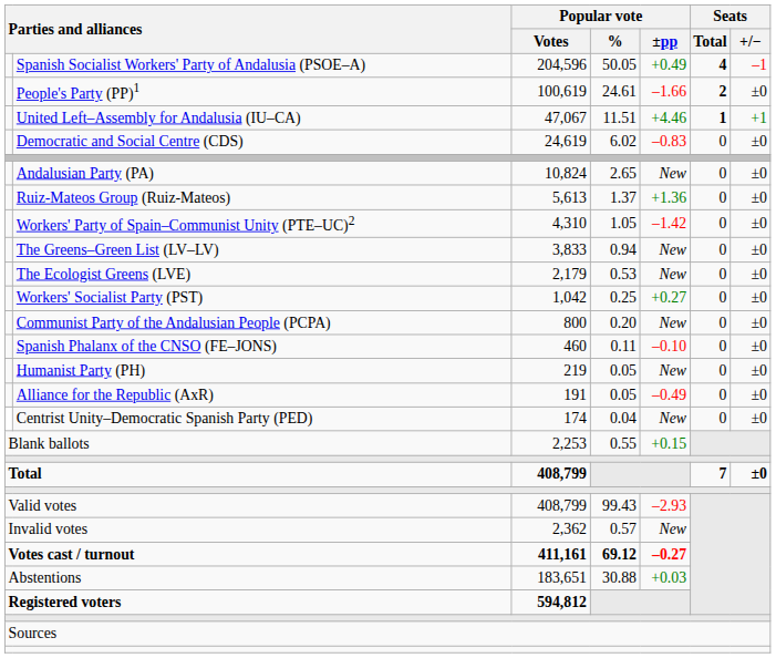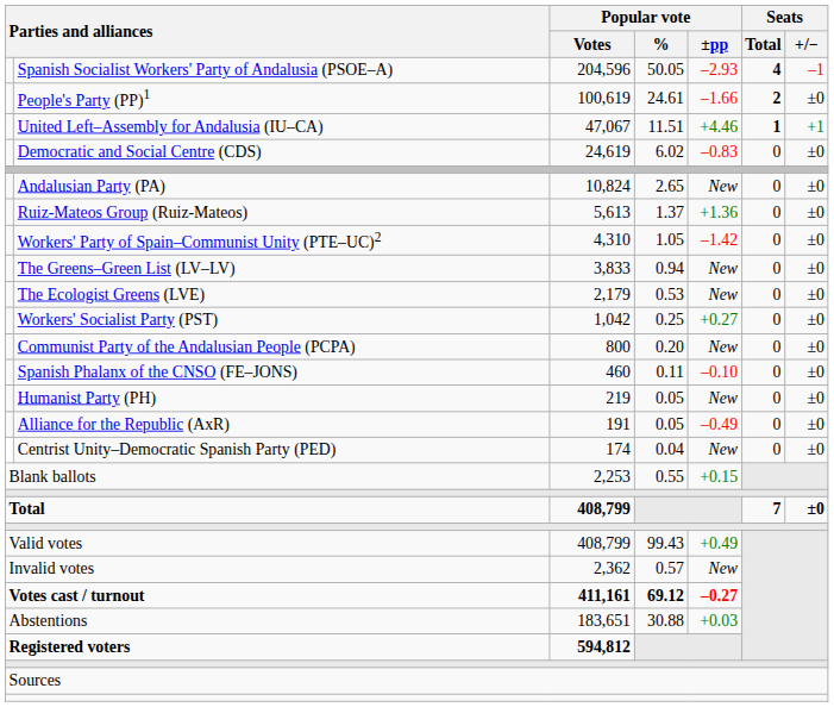 <table class="wikitable" style="text-align:right;">
 <tr>
 <th style="text-align:left;" rowspan="2" colspan="2" width="525">Parties and alliances</th>
 <th colspan="3">Popular vote</th>
 <th colspan="2">Seats</th>
 </tr>
 <tr>
 <th width="75">Votes</th>
 <th width="45">%</th>
 <th width="45">±<a href='#'>pp</a></th>
 <th width="35">Total</th>
 <th width="35">+/−</th>
 </tr>
 <tr>
 <td width="1" style="color:inherit;background:"></td>
 <td align="left"><a href='#'>Spanish Socialist Workers' Party of Andalusia</a> (PSOE–A)</td>
 <td>204,596</td>
 <td>50.05</td>
-<td style="color:green;">+0.49</td>
+<td style="color:red;">–2.93</td>
 <td><strong>4</strong></td>
 <td style="color:red;">–1</td>
 </tr>
 <tr>
 <td style="color:inherit;background:"></td>
 <td align="left"><a href='#'>People's Party</a> (PP)<sup>1</sup></td>
 <td>100,619</td>
 <td>24.61</td>
 <td style="color:red;">–1.66</td>
 <td><strong>2</strong></td>
 <td>±0</td>
 </tr>
 <tr>
 <td style="color:inherit;background:"></td>
 <td align="left"><a href='#'>United Left–Assembly for Andalusia</a> (IU–CA)</td>
 <td>47,067</td>
 <td>11.51</td>
 <td style="color:green;">+4.46</td>
 <td><strong>1</strong></td>
 <td style="color:green;">+1</td>
 </tr>
 <tr>
 <td style="color:inherit;background:"></td>
 <td align="left"><a href='#'>Democratic and Social Centre</a> (CDS)</td>
 <td>24,619</td>
 <td>6.02</td>
 <td style="color:red;">–0.83</td>
 <td>0</td>
 <td>±0</td>
 </tr>
 <tr>
 <td colspan="7" bgcolor="#C0C0C0"></td>
 </tr>
 <tr>
 <td style="color:inherit;background:"></td>
 <td align="left"><a href='#'>Andalusian Party</a> (PA)</td>
 <td>10,824</td>
 <td>2.65</td>
 <td><em>New</em></td>
 <td>0</td>
 <td>±0</td>
 </tr>
 <tr>
 <td style="color:inherit;background:"></td>
 <td align="left"><a href='#'>Ruiz-Mateos Group</a> (Ruiz-Mateos)</td>
 <td>5,613</td>
 <td>1.37</td>
 <td style="color:green;">+1.36</td>
 <td>0</td>
 <td>±0</td>
 </tr>
 <tr>
 <td style="color:inherit;background:"></td>
 <td align="left"><a href='#'>Workers' Party of Spain–Communist Unity</a> (PTE–UC)<sup>2</sup></td>
 <td>4,310</td>
 <td>1.05</td>
 <td style="color:red;">–1.42</td>
 <td>0</td>
 <td>±0</td>
 </tr>
 <tr>
 <td style="color:inherit;background:"></td>
 <td align="left"><a href='#'>The Greens–Green List</a> (LV–LV)</td>
 <td>3,833</td>
 <td>0.94</td>
 <td><em>New</em></td>
 <td>0</td>
 <td>±0</td>
 </tr>
 <tr>
 <td style="color:inherit;background:"></td>
 <td align="left"><a href='#'>The Ecologist Greens</a> (LVE)</td>
 <td>2,179</td>
 <td>0.53</td>
 <td><em>New</em></td>
 <td>0</td>
 <td>±0</td>
 </tr>
 <tr>
 <td style="color:inherit;background:"></td>
 <td align="left"><a href='#'>Workers' Socialist Party</a> (PST)</td>
 <td>1,042</td>
 <td>0.25</td>
 <td style="color:green;">+0.27</td>
 <td>0</td>
 <td>±0</td>
 </tr>
 <tr>
 <td style="color:inherit;background:"></td>
 <td align="left"><a href='#'>Communist Party of the Andalusian People</a> (PCPA)</td>
 <td>800</td>
 <td>0.20</td>
 <td><em>New</em></td>
 <td>0</td>
 <td>±0</td>
 </tr>
 <tr>
 <td style="color:inherit;background:"></td>
 <td align="left"><a href='#'>Spanish Phalanx of the CNSO</a> (FE–JONS)</td>
 <td>460</td>
 <td>0.11</td>
 <td style="color:red;">–0.10</td>
 <td>0</td>
 <td>±0</td>
 </tr>
 <tr>
 <td style="color:inherit;background:"></td>
 <td align="left"><a href='#'>Humanist Party</a> (PH)</td>
 <td>219</td>
 <td>0.05</td>
 <td><em>New</em></td>
 <td>0</td>
 <td>±0</td>
 </tr>
 <tr>
 <td style="color:inherit;background:"></td>
 <td align="left"><a href='#'>Alliance for the Republic</a> (AxR)</td>
 <td>191</td>
 <td>0.05</td>
 <td style="color:red;">–0.49</td>
 <td>0</td>
 <td>±0</td>
 </tr>
 <tr>
 <td bgcolor="white"></td>
 <td align="left">Centrist Unity–Democratic Spanish Party (PED)</td>
 <td>174</td>
 <td>0.04</td>
 <td><em>New</em></td>
 <td>0</td>
 <td>±0</td>
 </tr>
 <tr>
 <td align="left" colspan="2">Blank ballots</td>
 <td>2,253</td>
 <td>0.55</td>
 <td style="color:green;">+0.15</td>
 <td bgcolor="#E9E9E9" colspan="2"></td>
 </tr>
 <tr>
 <td colspan="7" bgcolor="#E9E9E9"></td>
 </tr>
 <tr style="font-weight:bold;">
 <td align="left" colspan="2">Total</td>
 <td>408,799</td>
 <td bgcolor="#E9E9E9" colspan="2"></td>
 <td>7</td>
 <td>±0</td>
 </tr>
 <tr>
 <td colspan="7" bgcolor="#E9E9E9"></td>
 </tr>
 <tr>
 <td align="left" colspan="2">Valid votes</td>
 <td>408,799</td>
 <td>99.43</td>
-<td style="color:red;">–2.93</td>
+<td style="color:green;">+0.49</td>
 <td bgcolor="#E9E9E9" colspan="2" rowspan="5"></td>
 </tr>
 <tr>
 <td align="left" colspan="2">Invalid votes</td>
 <td>2,362</td>
 <td>0.57</td>
 <td><em>New</em></td>
 </tr>
 <tr style="font-weight:bold;">
 <td align="left" colspan="2">Votes cast / turnout</td>
 <td>411,161</td>
 <td>69.12</td>
 <td style="color:red;">–0.27</td>
 </tr>
 <tr>
 <td align="left" colspan="2">Abstentions</td>
 <td>183,651</td>
 <td>30.88</td>
 <td style="color:green;">+0.03</td>
 </tr>
 <tr style="font-weight:bold;">
 <td align="left" colspan="2">Registered voters</td>
 <td>594,812</td>
 <td bgcolor="#E9E9E9" colspan="2"></td>
 </tr>
 <tr>
 <td colspan="7" bgcolor="#E9E9E9"></td>
 </tr>
 <tr>
 <td align="left" colspan="7">Sources</td>
 </tr>
 <tr>
 <td colspan="7" style="text-align:left; max-width:790px;"></td>
 </tr>
 </table>
